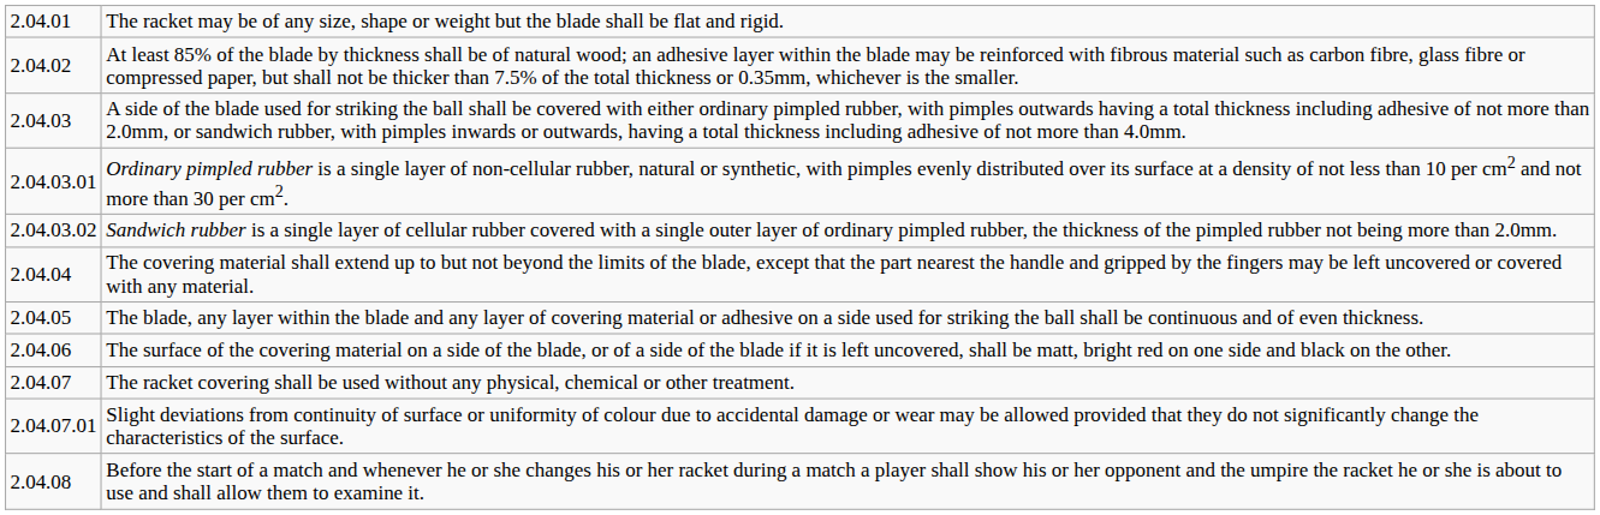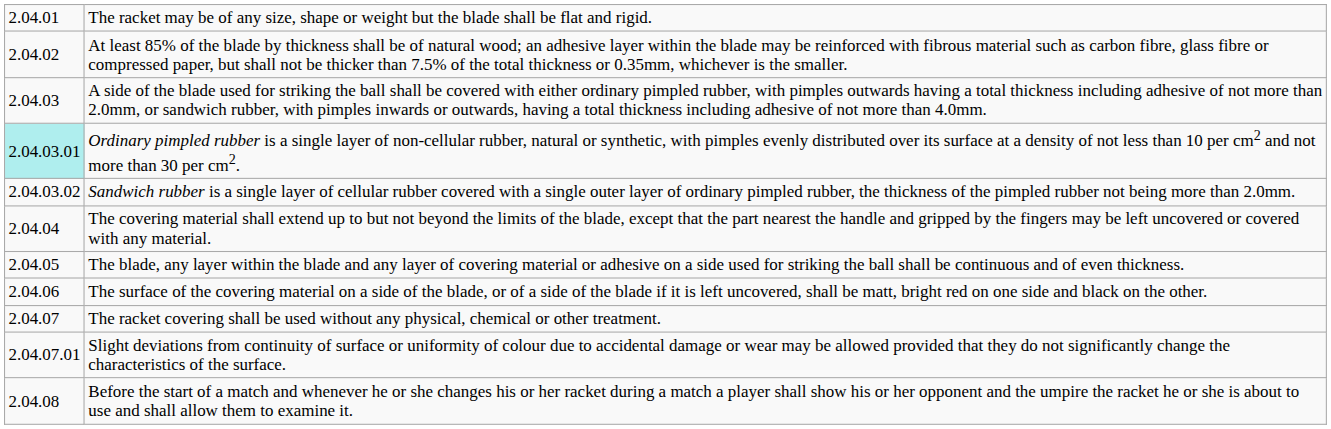 <table class="wikitable">
 <tr>
 <td>2.04.01</td>
 <td>The racket may be of any size, shape or weight but the blade shall be flat and rigid.</td>
 </tr>
 <tr>
 <td>2.04.02</td>
 <td>At least 85% of the blade by thickness shall be of natural wood; an adhesive layer within the blade may be reinforced with fibrous material such as carbon fibre, glass fibre or compressed paper, but shall not be thicker than 7.5% of the total thickness or 0.35mm, whichever is the smaller.</td>
 </tr>
 <tr>
 <td>2.04.03</td>
 <td>A side of the blade used for striking the ball shall be covered with either ordinary pimpled rubber, with pimples outwards having a total thickness including adhesive of not more than 2.0mm, or sandwich rubber, with pimples inwards or outwards, having a total thickness including adhesive of not more than 4.0mm.</td>
 </tr>
 <tr>
-<td>2.04.03.01</td>
+<td style="background: paleturquoise;">2.04.03.01</td>
 <td><em>Ordinary pimpled rubber</em> is a single layer of non-cellular rubber, natural or synthetic, with pimples evenly distributed over its surface at a density of not less than 10 per cm<sup>2</sup> and not more than 30 per cm<sup>2</sup>.</td>
 </tr>
 <tr>
 <td>2.04.03.02</td>
 <td><em>Sandwich rubber</em> is a single layer of cellular rubber covered with a single outer layer of ordinary pimpled rubber, the thickness of the pimpled rubber not being more than 2.0mm.</td>
 </tr>
 <tr>
 <td>2.04.04</td>
 <td>The covering material shall extend up to but not beyond the limits of the blade, except that the part nearest the handle and gripped by the fingers may be left uncovered or covered with any material.</td>
 </tr>
 <tr>
 <td>2.04.05</td>
 <td>The blade, any layer within the blade and any layer of covering material or adhesive on a side used for striking the ball shall be continuous and of even thickness.</td>
 </tr>
 <tr>
 <td>2.04.06</td>
 <td>The surface of the covering material on a side of the blade, or of a side of the blade if it is left uncovered, shall be matt, bright red on one side and black on the other.</td>
 </tr>
 <tr>
 <td>2.04.07</td>
 <td>The racket covering shall be used without any physical, chemical or other treatment.</td>
 </tr>
 <tr>
 <td>2.04.07.01</td>
 <td>Slight deviations from continuity of surface or uniformity of colour due to accidental damage or wear may be allowed provided that they do not significantly change the characteristics of the surface.</td>
 </tr>
 <tr>
 <td>2.04.08</td>
 <td>Before the start of a match and whenever he or she changes his or her racket during a match a player shall show his or her opponent and the umpire the racket he or she is about to use and shall allow them to examine it.</td>
 </tr>
 </table>
